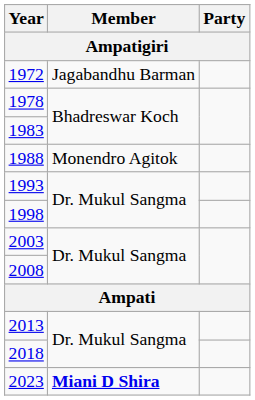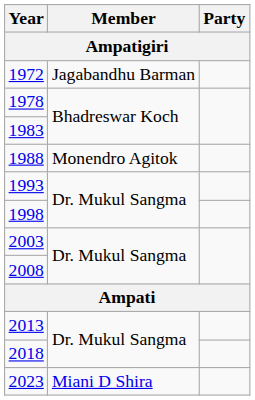 <table class="wikitable sortable">
 <tr>
 <th>Year</th>
 <th>Member</th>
 <th colspan="2">Party</th>
 </tr>
 <tr>
 <th colspan =4>Ampatigiri</th>
 </tr>
 <tr>
 <td><a href='#'>1972</a></td>
 <td>Jagabandhu Barman</td>
 <td></td>
 </tr>
 <tr>
 <td><a href='#'>1978</a></td>
 <td rowspan=2>Bhadreswar Koch</td>
 </tr>
 <tr>
 <td><a href='#'>1983</a></td>
 </tr>
 <tr>
 <td><a href='#'>1988</a></td>
 <td>Monendro Agitok</td>
 <td></td>
 </tr>
 <tr>
 <td><a href='#'>1993</a></td>
 <td rowspan=2>Dr. Mukul Sangma</td>
 </tr>
 <tr>
 <td><a href='#'>1998</a></td>
 <td></td>
 </tr>
 <tr>
 <td><a href='#'>2003</a></td>
 <td rowspan=2>Dr. Mukul Sangma</td>
 </tr>
 <tr>
 <td><a href='#'>2008</a></td>
 </tr>
 <tr>
 <th colspan =4>Ampati</th>
 </tr>
 <tr>
 <td><a href='#'>2013</a></td>
 <td rowspan=2>Dr. Mukul Sangma</td>
 <td></td>
 </tr>
 <tr>
 <td><a href='#'>2018</a></td>
 </tr>
 <tr>
 <td><a href='#'>2023</a></td>
-<td><strong><a href='#'>Miani D Shira</a></strong></td>
+<td><a href='#'>Miani D Shira</a></td>
 <td></td>
 </tr>
 </table>
